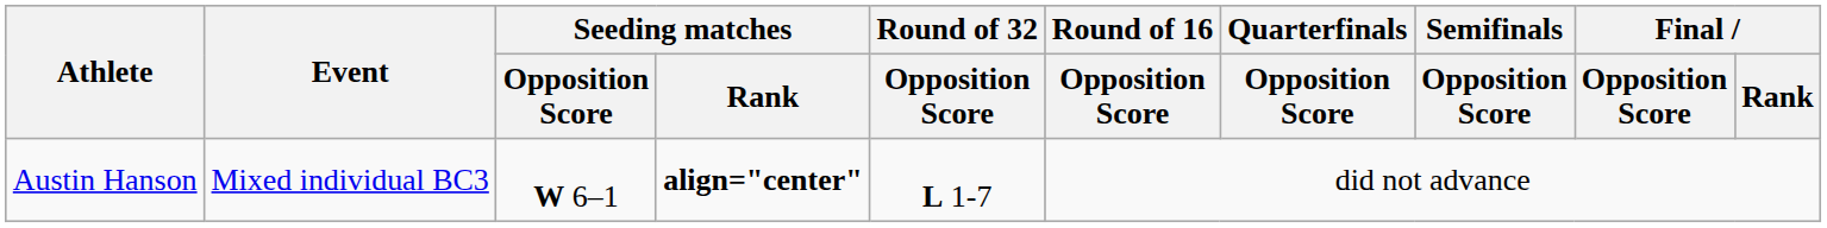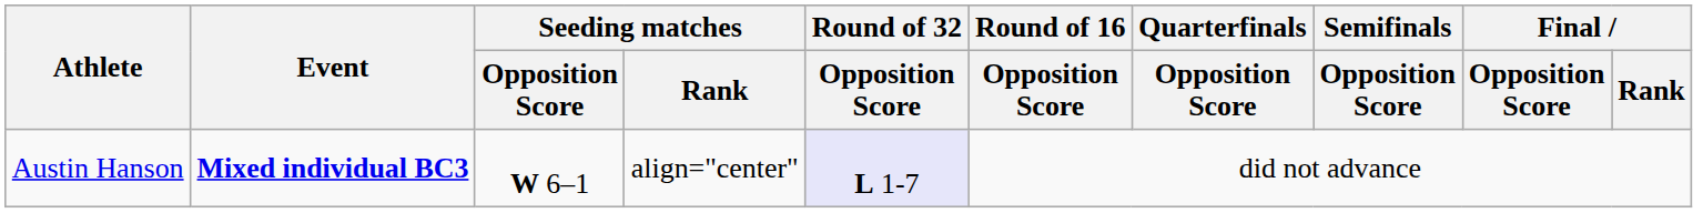 <table class=wikitable>
 <tr>
 <th rowspan="2">Athlete</th>
 <th rowspan="2">Event</th>
 <th colspan="2">Seeding matches</th>
 <th>Round of 32</th>
 <th>Round of 16</th>
 <th>Quarterfinals</th>
 <th>Semifinals</th>
 <th colspan="2">Final / </th>
 </tr>
 <tr>
 <th>Opposition<br>Score</th>
 <th>Rank</th>
 <th>Opposition<br>Score</th>
 <th>Opposition<br>Score</th>
 <th>Opposition<br>Score</th>
 <th>Opposition<br>Score</th>
 <th>Opposition<br>Score</th>
 <th>Rank</th>
 </tr>
 <tr>
 <td><a href='#'>Austin Hanson</a></td>
-<td><a href='#'>Mixed individual BC3</a></td>
+<td><strong><a href='#'>Mixed individual BC3</a></strong></td>
 <td style="text-align:center;"><br><strong>W</strong> 6–1</td>
-<td><strong>align="center" </strong></td>
-<td style="text-align:center;"><br><strong>L</strong> 1-7</td>
+<td>align="center" </td>
+<td style="background: lavender; text-align:center;"><br><strong>L</strong> 1-7</td>
 <td align="center" colspan=5>did not advance</td>
 </tr>
 </table>
